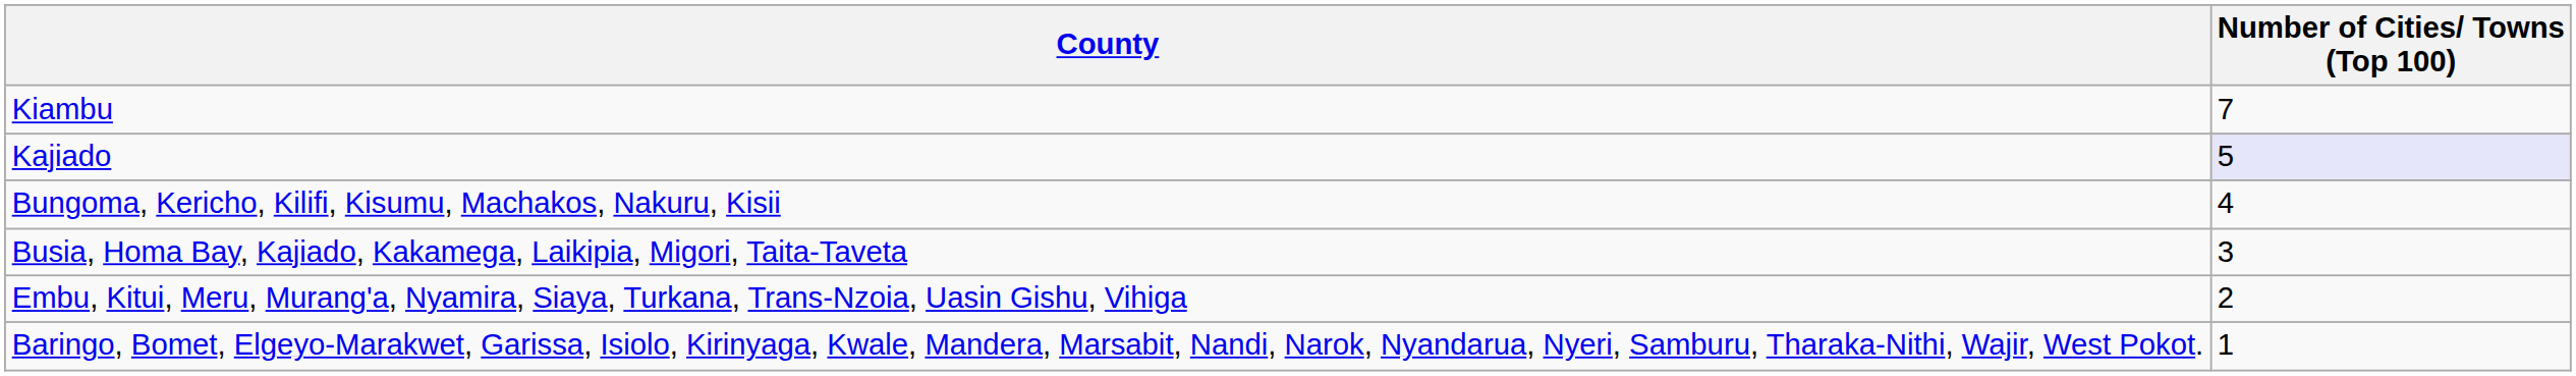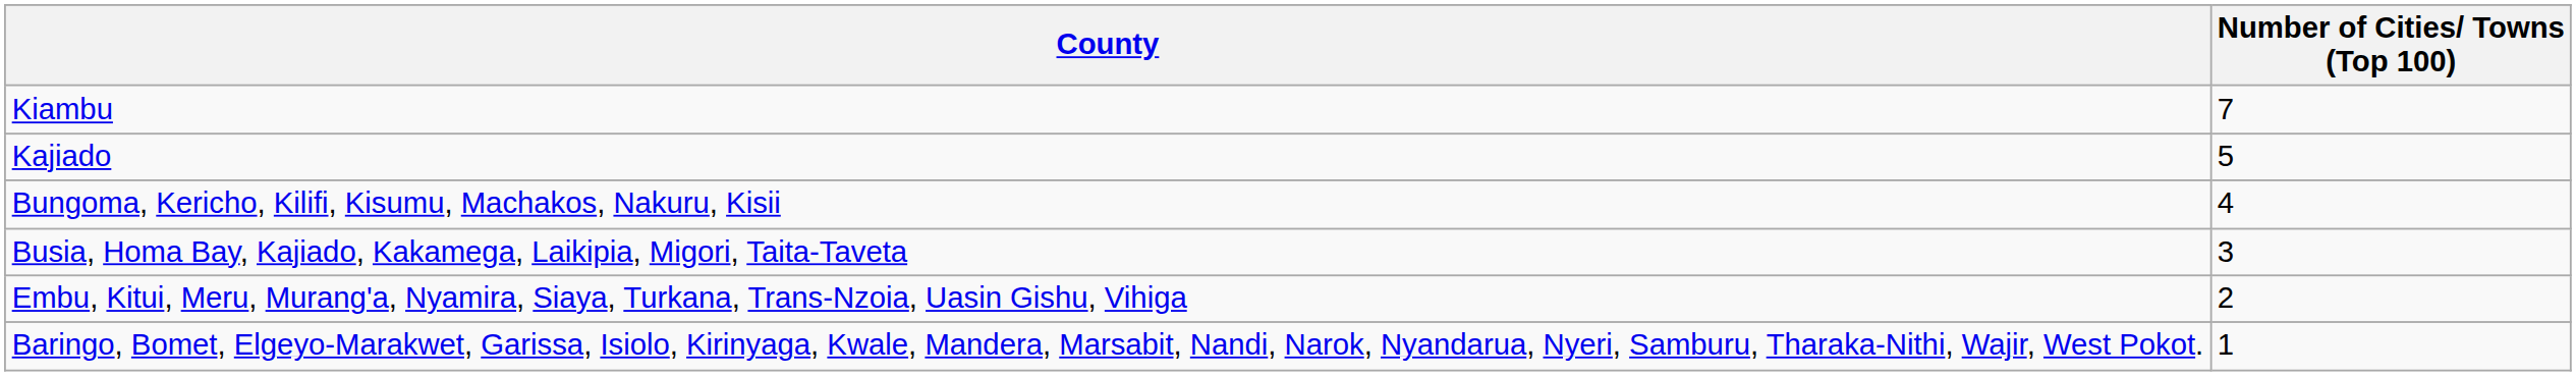 <table class="wikitable">
 <tr>
 <th><a href='#'>County</a></th>
 <th>Number of Cities/ Towns<br> (Top 100)</th>
 </tr>
 <tr>
 <td><a href='#'>Kiambu</a></td>
 <td>7</td>
 </tr>
 <tr>
 <td><a href='#'>Kajiado</a></td>
-<td style="background: lavender;">5</td>
+<td>5</td>
 </tr>
 <tr>
 <td><a href='#'>Bungoma</a>, <a href='#'>Kericho</a>, <a href='#'>Kilifi</a>, <a href='#'>Kisumu</a>, <a href='#'>Machakos</a>, <a href='#'>Nakuru</a>, <a href='#'>Kisii</a></td>
 <td>4</td>
 </tr>
 <tr>
 <td><a href='#'>Busia</a>, <a href='#'>Homa Bay</a>, <a href='#'>Kajiado</a>, <a href='#'>Kakamega</a>, <a href='#'>Laikipia</a>, <a href='#'>Migori</a>, <a href='#'>Taita-Taveta</a></td>
 <td>3</td>
 </tr>
 <tr>
 <td><a href='#'>Embu</a>, <a href='#'>Kitui</a>, <a href='#'>Meru</a>, <a href='#'>Murang'a</a>, <a href='#'>Nyamira</a>, <a href='#'> Siaya</a>, <a href='#'>Turkana</a>, <a href='#'>Trans-Nzoia</a>, <a href='#'>Uasin Gishu</a>, <a href='#'>Vihiga</a></td>
 <td>2</td>
 </tr>
 <tr>
 <td><a href='#'>Baringo</a>, <a href='#'>Bomet</a>, <a href='#'>Elgeyo-Marakwet</a>, <a href='#'>Garissa</a>, <a href='#'>Isiolo</a>, <a href='#'>Kirinyaga</a>, <a href='#'>Kwale</a>, <a href='#'>Mandera</a>, <a href='#'>Marsabit</a>, <a href='#'>Nandi</a>, <a href='#'>Narok</a>, <a href='#'>Nyandarua</a>, <a href='#'>Nyeri</a>, <a href='#'>Samburu</a>, <a href='#'>Tharaka-Nithi</a>, <a href='#'>Wajir</a>, <a href='#'>West Pokot</a>.</td>
 <td>1</td>
 </tr>
 </table>
